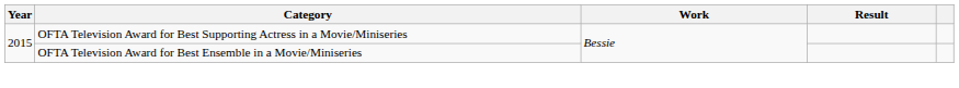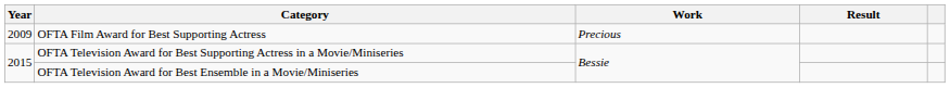 <table class="wikitable">
 <tr>
 <th scope="col" style="width:1em;">Year</th>
 <th scope="col" style="width:44em;">Category</th>
 <th scope="col" style="width:18em;">Work</th>
 <th scope="col" style="width:10em;">Result</th>
 <th class="unsortable" style="width:1em;"></th>
+</tr>
+<tr>
+<td>2009</td>
+<td>OFTA Film Award for Best Supporting Actress</td>
+<td><em>Precious</em></td>
+<td></td>
+<td></td>
 </tr>
 <tr>
 <td rowspan="2">2015</td>
 <td>OFTA Television Award for Best Supporting Actress in a Movie/Miniseries </td>
 <td rowspan="2"><em>Bessie</em></td>
 <td></td>
 <td></td>
 </tr>
 <tr>
 <td>OFTA Television Award for Best Ensemble in a Movie/Miniseries </td>
 <td></td>
 <td></td>
 </tr>
 </table>
